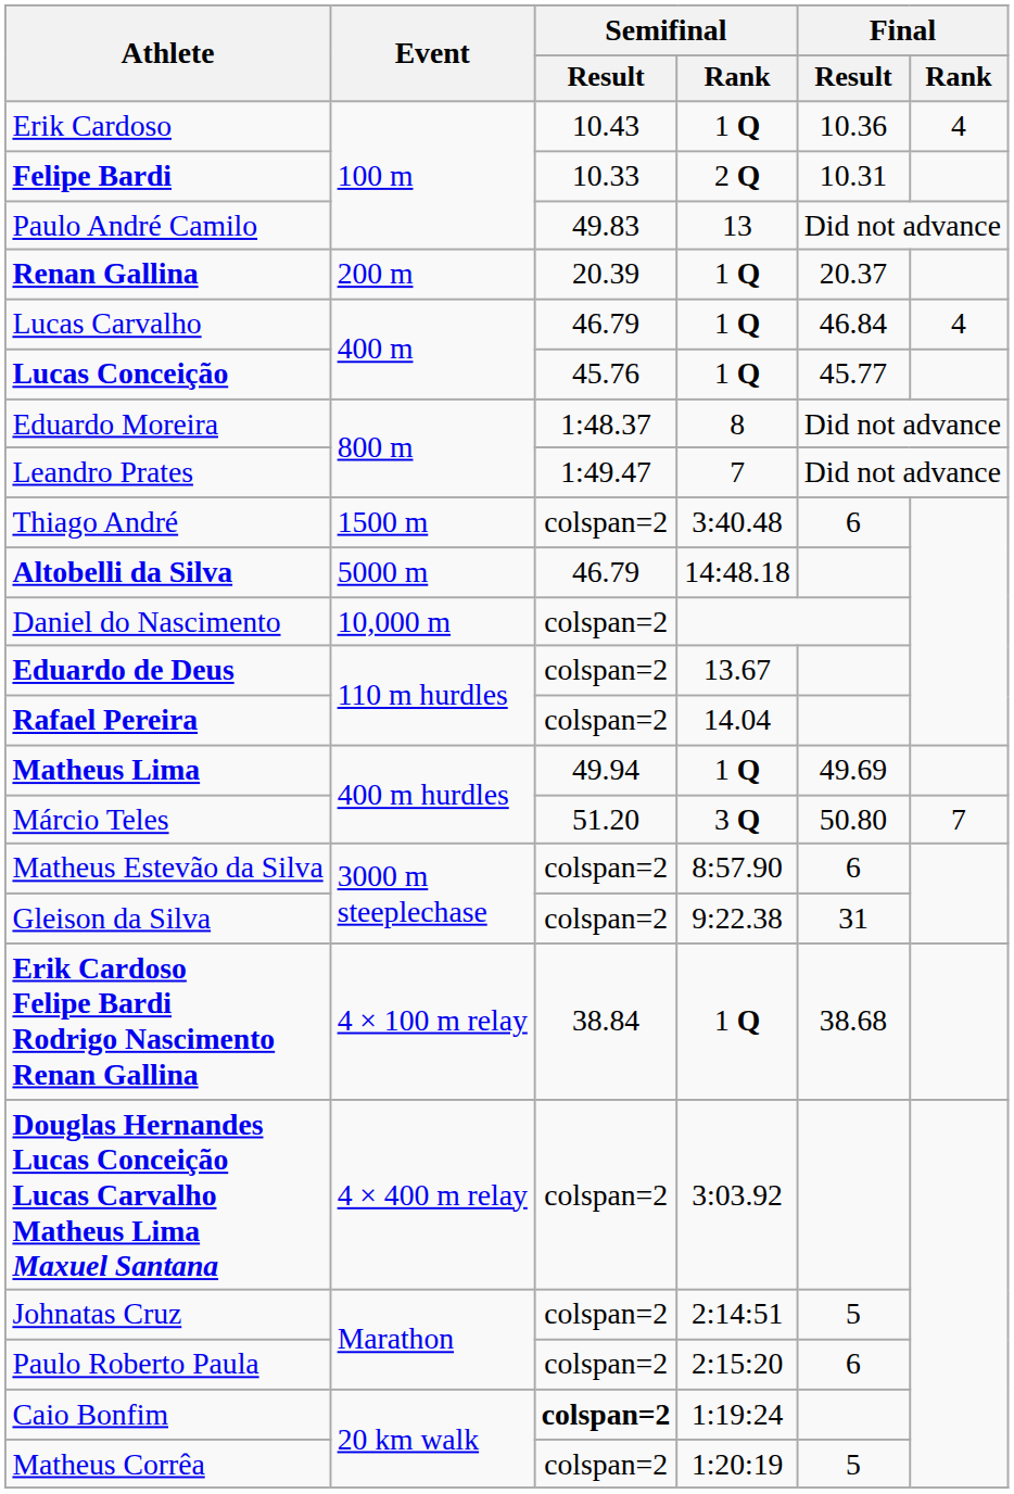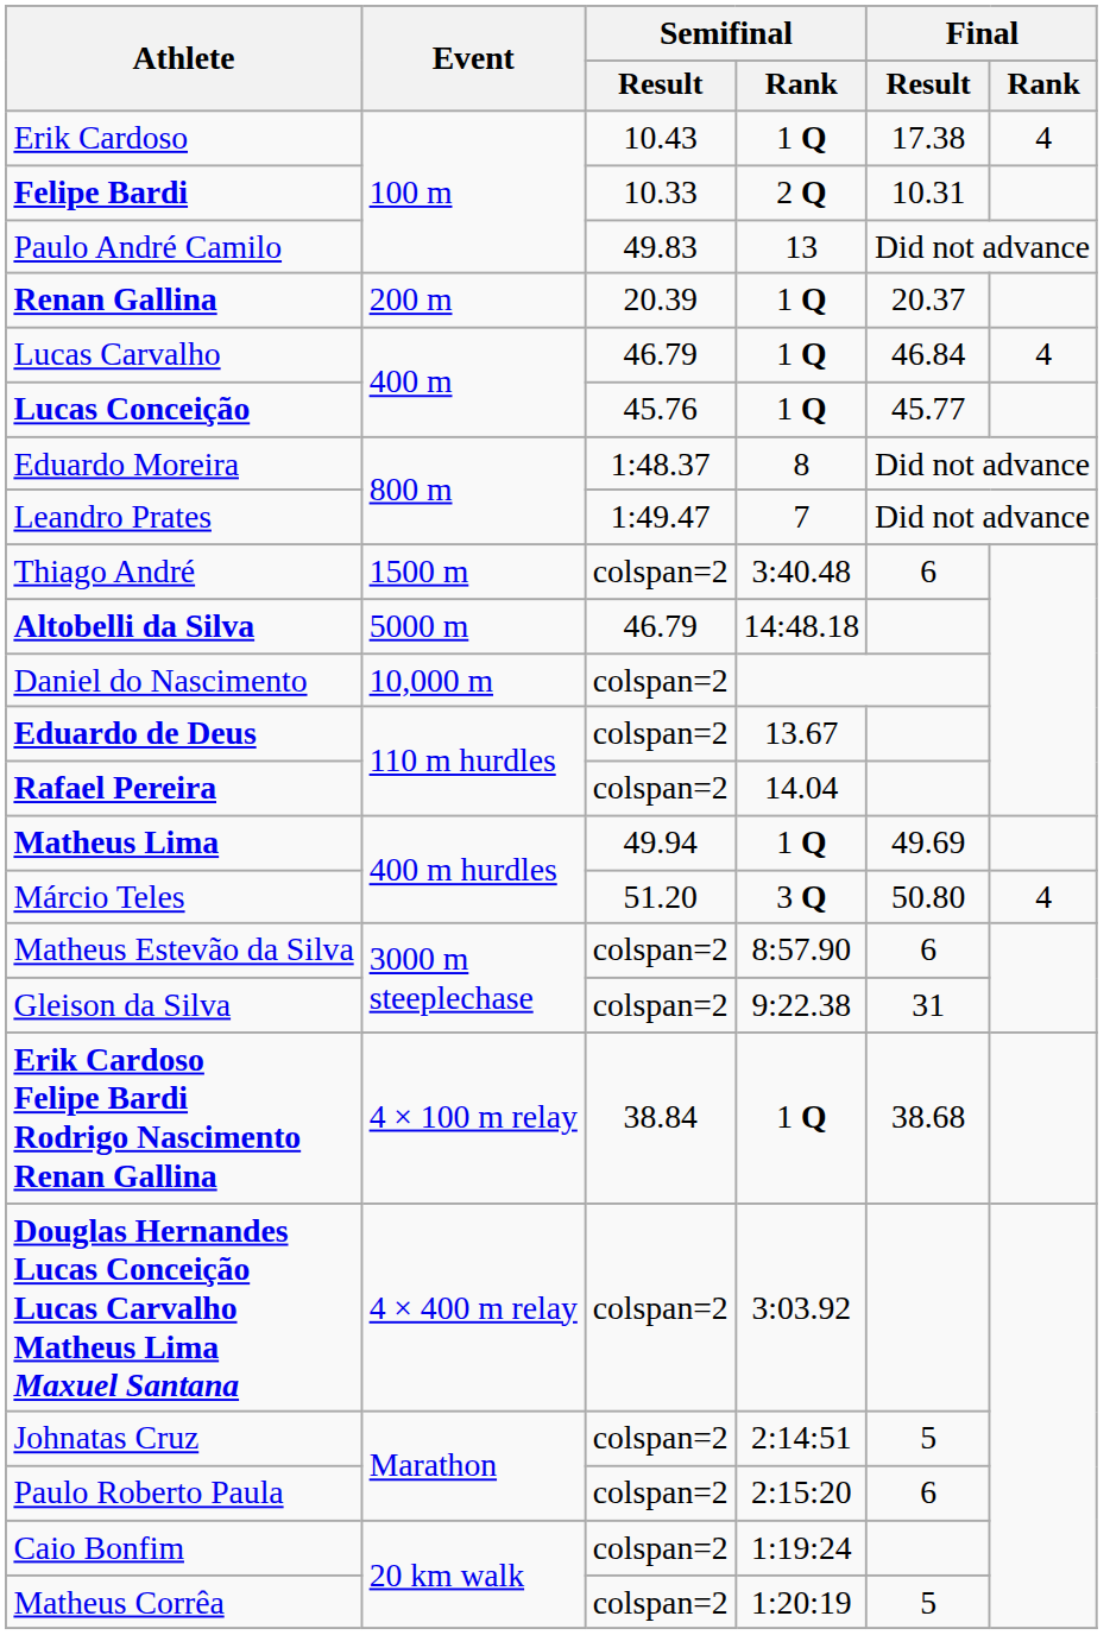 <table class="wikitable" style="font-size:90%">
 <tr>
 <th rowspan="2">Athlete</th>
 <th rowspan="2">Event</th>
 <th colspan="2">Semifinal</th>
 <th colspan="2">Final</th>
 </tr>
 <tr style="font-size:95%">
 <th>Result</th>
 <th>Rank</th>
 <th>Result</th>
 <th>Rank</th>
 </tr>
 <tr align=center>
 <td align=left><a href='#'>Erik Cardoso</a></td>
 <td align=left rowspan=3><a href='#'>100 m</a></td>
 <td>10.43</td>
 <td>1 <strong>Q</strong></td>
-<td>10.36</td>
+<td>17.38</td>
 <td>4</td>
 </tr>
 <tr align=center>
 <td align=left><strong><a href='#'>Felipe Bardi</a></strong></td>
 <td>10.33</td>
 <td>2 <strong>Q</strong></td>
 <td>10.31</td>
 <td></td>
 </tr>
 <tr align=center>
 <td align=left><a href='#'>Paulo André Camilo</a></td>
 <td>49.83</td>
 <td>13</td>
 <td colspan=2>Did not advance</td>
 </tr>
 <tr align=center>
 <td align=left><strong><a href='#'>Renan Gallina</a></strong></td>
 <td align=left><a href='#'>200 m</a></td>
 <td>20.39</td>
 <td>1 <strong>Q</strong></td>
 <td>20.37</td>
 <td></td>
 </tr>
 <tr align=center>
 <td align=left><a href='#'>Lucas Carvalho</a></td>
 <td align=left rowspan=2><a href='#'>400 m</a></td>
 <td>46.79</td>
 <td>1 <strong>Q</strong></td>
 <td>46.84</td>
 <td>4</td>
 </tr>
 <tr align=center>
 <td align=left><strong><a href='#'>Lucas Conceição</a></strong></td>
 <td>45.76</td>
 <td>1 <strong>Q</strong></td>
 <td>45.77</td>
 <td></td>
 </tr>
 <tr align=center>
 <td align=left><a href='#'>Eduardo Moreira</a></td>
 <td align=left rowspan=2><a href='#'>800 m</a></td>
 <td>1:48.37</td>
 <td>8</td>
 <td colspan=2>Did not advance</td>
 </tr>
 <tr align=center>
 <td align=left><a href='#'>Leandro Prates</a></td>
 <td>1:49.47</td>
 <td>7</td>
 <td colspan=2>Did not advance</td>
 </tr>
 <tr align=center>
 <td align=left><a href='#'>Thiago André</a></td>
 <td align=left rowspan=1><a href='#'>1500 m</a></td>
 <td>colspan=2 </td>
 <td>3:40.48</td>
 <td>6</td>
 </tr>
 <tr align=center>
 <td align=left><strong><a href='#'>Altobelli da Silva</a></strong></td>
 <td align=left rowspan=1><a href='#'>5000 m</a></td>
 <td>46.79</td>
 <td>14:48.18</td>
 <td></td>
 </tr>
 <tr align=center>
 <td align=left><a href='#'>Daniel do Nascimento</a></td>
 <td align=left rowspan=1><a href='#'>10,000 m</a></td>
 <td>colspan=2 </td>
 <td colspan=2></td>
 </tr>
 <tr align=center>
 <td align=left><strong><a href='#'>Eduardo de Deus</a></strong></td>
 <td align=left rowspan=2><a href='#'>110 m hurdles</a></td>
 <td>colspan=2 </td>
 <td>13.67</td>
 <td></td>
 </tr>
 <tr align=center>
 <td align=left><strong><a href='#'>Rafael Pereira</a></strong></td>
 <td>colspan=2 </td>
 <td>14.04</td>
 <td></td>
 </tr>
 <tr align=center>
 <td align=left><strong><a href='#'>Matheus Lima</a></strong></td>
 <td align=left rowspan=2><a href='#'>400 m hurdles</a></td>
 <td>49.94</td>
 <td>1 <strong>Q</strong></td>
 <td>49.69</td>
 <td></td>
 </tr>
 <tr align=center>
 <td align=left><a href='#'>Márcio Teles</a></td>
 <td>51.20</td>
 <td>3 <strong>Q</strong></td>
 <td>50.80</td>
-<td>7</td>
+<td>4</td>
 </tr>
 <tr align=center>
 <td align=left><a href='#'>Matheus Estevão da Silva</a></td>
 <td align=left rowspan=2><a href='#'>3000 m<br>steeplechase</a></td>
 <td>colspan=2 </td>
 <td>8:57.90</td>
 <td>6</td>
 </tr>
 <tr align=center>
 <td align=left><a href='#'>Gleison da Silva</a></td>
 <td>colspan=2 </td>
 <td>9:22.38</td>
 <td>31</td>
 </tr>
 <tr align=center>
 <td align=left><strong><a href='#'>Erik Cardoso</a><br><a href='#'>Felipe Bardi</a><br><a href='#'>Rodrigo Nascimento</a><br><a href='#'>Renan Gallina</a></strong></td>
 <td align=left><a href='#'>4 × 100 m relay</a></td>
 <td>38.84</td>
 <td>1 <strong>Q</strong></td>
 <td>38.68</td>
 <td></td>
 </tr>
 <tr align=center>
 <td align=left><strong><a href='#'>Douglas Hernandes</a><br><a href='#'>Lucas Conceição</a><br><a href='#'>Lucas Carvalho</a><br><a href='#'>Matheus Lima</a><br><em><a href='#'>Maxuel Santana</a><strong><em></td>
 <td align=left><a href='#'>4 × 400 m relay</a></td>
 <td>colspan=2 </td>
 <td>3:03.92</td>
 <td></td>
 </tr>
 <tr align=center>
 <td align=left><a href='#'>Johnatas Cruz</a></td>
 <td align=left rowspan=2><a href='#'>Marathon</a></td>
 <td>colspan=2 </td>
 <td>2:14:51</td>
 <td>5</td>
 </tr>
 <tr align=center>
 <td align=left><a href='#'>Paulo Roberto Paula</a></td>
 <td>colspan=2 </td>
 <td>2:15:20</td>
 <td>6</td>
 </tr>
 <tr align=center>
 <td align=left></strong><a href='#'>Caio Bonfim</a><strong></td>
 <td align=left rowspan=2><a href='#'>20 km walk</a></td>
-<td><strong>colspan=2 </strong></td>
+<td>colspan=2 </td>
 <td>1:19:24</td>
 <td></td>
 </tr>
 <tr align=center>
 <td align=left><a href='#'>Matheus Corrêa</a></td>
 <td>colspan=2 </td>
 <td>1:20:19</td>
 <td>5</td>
 </tr>
 </table>
